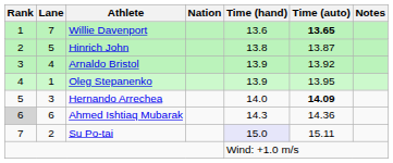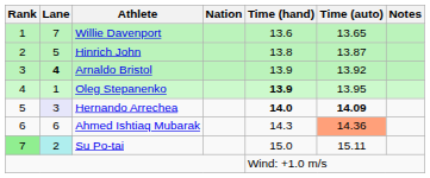 <table class="wikitable sortable" style="text-align:center">
 <tr>
 <th>Rank</th>
 <th>Lane</th>
 <th>Athlete</th>
 <th>Nation</th>
 <th>Time (hand)</th>
 <th>Time (auto)</th>
 <th>Notes</th>
 </tr>
 <tr bgcolor=bbf3bb>
 <td>1</td>
 <td>7</td>
 <td align=left><a href='#'>Willie Davenport</a></td>
 <td align=left></td>
 <td>13.6</td>
-<td><strong>13.65</strong></td>
+<td>13.65</td>
 <td></td>
 </tr>
 <tr bgcolor=bbf3bb>
 <td>2</td>
 <td>5</td>
 <td align=left><a href='#'>Hinrich John</a></td>
 <td align=left></td>
 <td>13.8</td>
 <td>13.87</td>
 <td></td>
 </tr>
 <tr bgcolor=bbf3bb>
 <td>3</td>
-<td>4</td>
+<td><strong>4</strong></td>
 <td align=left><a href='#'>Arnaldo Bristol</a></td>
 <td align=left></td>
 <td>13.9</td>
 <td>13.92</td>
 <td></td>
 </tr>
 <tr bgcolor=ccf9cc>
 <td>4</td>
 <td>1</td>
 <td align=left><a href='#'>Oleg Stepanenko</a></td>
 <td align=left></td>
-<td>13.9</td>
+<td><strong>13.9</strong></td>
 <td>13.95</td>
 <td></td>
 </tr>
 <tr>
 <td>5</td>
-<td>3</td>
+<td style="background: lavender;">3</td>
 <td align=left><a href='#'>Hernando Arrechea</a></td>
 <td align=left></td>
-<td>14.0</td>
+<td><strong>14.0</strong></td>
 <td><strong>14.09</strong></td>
 <td></td>
 </tr>
 <tr>
-<td style="background: lightgrey;">6</td>
+<td>6</td>
 <td>6</td>
 <td align=left><a href='#'>Ahmed Ishtiaq Mubarak</a></td>
 <td align=left></td>
 <td>14.3</td>
-<td>14.36</td>
+<td style="background: lightsalmon;">14.36</td>
 <td></td>
 </tr>
 <tr>
-<td>7</td>
-<td>2</td>
+<td style="background: lightgreen;">7</td>
+<td style="background: paleturquoise;">2</td>
 <td align=left><a href='#'>Su Po-tai</a></td>
 <td align=left></td>
-<td style="background: lavender;">15.0</td>
+<td>15.0</td>
 <td>15.11</td>
 <td></td>
 </tr>
 <tr class="sortbottom">
 <td colspan=4></td>
 <td colspan="3" style="text-align:left;">Wind: +1.0 m/s</td>
 </tr>
 </table>
